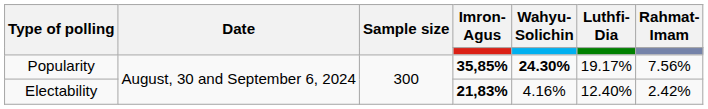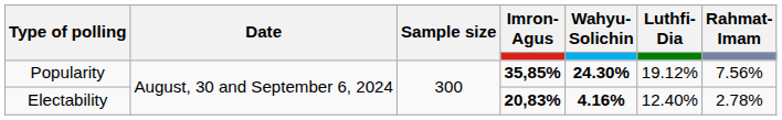 <table class="wikitable sortable mw-datatable" style="text-align:center;font-size:90%;line-height:17px">
 <tr>
 <th rowspan="2">Type of polling</th>
 <th rowspan="2">Date</th>
 <th rowspan="2">Sample size</th>
 <th class="unsortable">Imron-Agus</th>
 <th class="unsortable">Wahyu-Solichin</th>
 <th class="unsortable">Luthfi-Dia</th>
 <th class="unsortable">Rahmat-Imam</th>
 </tr>
 <tr>
 <th class="unsortable" style="background:#DB2016; width:40px;"></th>
 <th class="unsortable" style="background:#00B0F0; width:40px;"></th>
 <th class="unsortable" style="background:#008000; width:40px;"></th>
 <th class="unsortable" style="background:#7583A9; width:40px;"></th>
 </tr>
 <tr>
 <td>Popularity</td>
 <td rowspan="2">August, 30 and September 6, 2024</td>
 <td rowspan="2">300</td>
 <td style="background-color:#"><strong>35,85%</strong></td>
 <td><strong>24.30%</strong></td>
-<td>19.17%</td>
+<td>19.12%</td>
 <td>7.56%</td>
 </tr>
 <tr>
 <td>Electability</td>
-<td style="background-color:#"><strong>21,83%</strong></td>
-<td>4.16%</td>
+<td style="background-color:#"><strong>20,83%</strong></td>
+<td><strong>4.16%</strong></td>
 <td>12.40%</td>
-<td>2.42%</td>
+<td>2.78%</td>
 </tr>
 </table>
